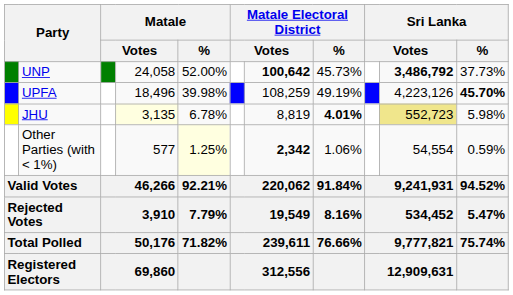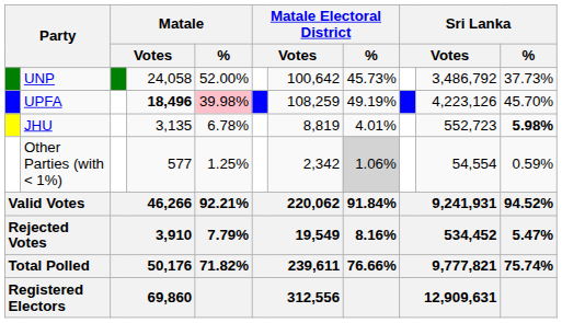 <table class="wikitable">
 <tr>
 <th colspan="2" width="144px"rowspan="2">Party</th>
 <th colspan="3" width="216px">Matale</th>
 <th colspan="3" width="216px"><a href='#'>Matale Electoral District</a></th>
 <th colspan="3" width="216px">Sri Lanka</th>
 </tr>
 <tr>
 <th colspan="2" width="144px">Votes</th>
 <th>%</th>
 <th colspan="2" width="144px">Votes</th>
 <th>%</th>
 <th colspan="2" width="144px">Votes</th>
 <th>%</th>
 </tr>
 <tr>
 <td style="background-color:green;" width="10px"></td>
 <td style="text-align:left;"><a href='#'>UNP</a></td>
 <td style="background-color:green;" width="10px"></td>
 <td style="text-align:right;">24,058</td>
 <td style="text-align:right;">52.00%</td>
 <td style="background-color:white;" width="10px"></td>
-<td style="text-align:right;"><strong>100,642</strong></td>
+<td style="text-align:right;">100,642</td>
 <td style="text-align:right;">45.73%</td>
 <td style="background-color:white;" width="10px"></td>
-<td style="text-align:right;"><strong>3,486,792</strong></td>
+<td style="text-align:right;">3,486,792</td>
 <td style="text-align:right;">37.73%</td>
 </tr>
 <tr>
 <td style="background-color:blue;" width="10px"></td>
 <td style="text-align:left;"><a href='#'>UPFA</a></td>
 <td style="background-color:white;" width="10px"></td>
-<td style="text-align:right;">18,496</td>
-<td style="text-align:right;">39.98%</td>
+<td style="text-align:right;"><strong>18,496</strong></td>
+<td style="background: pink; text-align:right;">39.98%</td>
 <td style="background-color:blue;" width="10px"></td>
 <td style="text-align:right;">108,259</td>
 <td style="text-align:right;">49.19%</td>
 <td style="background-color:blue;" width="10px"></td>
 <td style="text-align:right;">4,223,126</td>
-<td style="text-align:right;"><strong>45.70%</strong></td>
+<td style="text-align:right;">45.70%</td>
 </tr>
 <tr>
 <td style="background-color:yellow;" width="10px"></td>
 <td style="text-align:left;"><a href='#'>JHU</a></td>
 <td style="background-color:white;" width="10px"></td>
-<td style="background: lightyellow; text-align:right;">3,135</td>
+<td style="text-align:right;">3,135</td>
 <td style="text-align:right;">6.78%</td>
 <td style="background-color:white;" width="10px"></td>
 <td style="text-align:right;">8,819</td>
-<td style="text-align:right;"><strong>4.01%</strong></td>
+<td style="text-align:right;">4.01%</td>
 <td style="background-color:white;" width="10px"></td>
-<td style="background: khaki; text-align:right;">552,723</td>
-<td style="text-align:right;">5.98%</td>
+<td style="text-align:right;">552,723</td>
+<td style="text-align:right;"><strong>5.98%</strong></td>
 </tr>
 <tr>
 <td style="background-color:white;" width="10px"></td>
 <td style="text-align:left;">Other Parties (with < 1%)</td>
 <td style="background-color:white;" width="10px"></td>
 <td style="text-align:right;">577</td>
-<td style="background: lightyellow; text-align:right;">1.25%</td>
+<td style="text-align:right;">1.25%</td>
 <td style="background-color:white;" width="10px"></td>
-<td style="text-align:right;"><strong>2,342</strong></td>
-<td style="text-align:right;">1.06%</td>
+<td style="text-align:right;">2,342</td>
+<td style="background: lightgrey; text-align:right;">1.06%</td>
 <td style="background-color:white;" width="10px"></td>
 <td style="text-align:right;">54,554</td>
 <td style="text-align:right;">0.59%</td>
 </tr>
 <tr>
 <th colspan="2" width="144px"style="text-align:left;">Valid Votes</th>
 <th style="text-align:right;"colspan="2" width="144px">46,266</th>
 <th style="text-align:right;">92.21%</th>
 <th style="text-align:right;"colspan="2" width="144px">220,062</th>
 <th style="text-align:right;">91.84%</th>
 <th style="text-align:right;"colspan="2" width="144px">9,241,931</th>
 <th style="text-align:right;">94.52%</th>
 </tr>
 <tr>
 <th colspan="2" width="144px"style="text-align:left;">Rejected Votes</th>
 <th style="text-align:right;"colspan="2" width="144px">3,910</th>
 <th style="text-align:right;">7.79%</th>
 <th style="text-align:right;"colspan="2" width="144px">19,549</th>
 <th style="text-align:right;">8.16%</th>
 <th style="text-align:right;"colspan="2" width="144px">534,452</th>
 <th style="text-align:right;">5.47%</th>
 </tr>
 <tr>
 <th colspan="2" width="144px"style="text-align:left;">Total Polled</th>
 <th style="text-align:right;"colspan="2" width="144px">50,176</th>
 <th style="text-align:right;">71.82%</th>
 <th style="text-align:right;"colspan="2" width="144px">239,611</th>
 <th style="text-align:right;">76.66%</th>
 <th style="text-align:right;"colspan="2" width="144px">9,777,821</th>
 <th style="text-align:right;">75.74%</th>
 </tr>
 <tr>
 <th colspan="2" width="144px"style="text-align:left;">Registered Electors</th>
 <th style="text-align:right;"colspan="2" width="144px">69,860</th>
 <th></th>
 <th style="text-align:right;"colspan="2" width="144px">312,556</th>
 <th></th>
 <th style="text-align:right;"colspan="2" width="144px">12,909,631</th>
 <th></th>
 </tr>
 </table>
